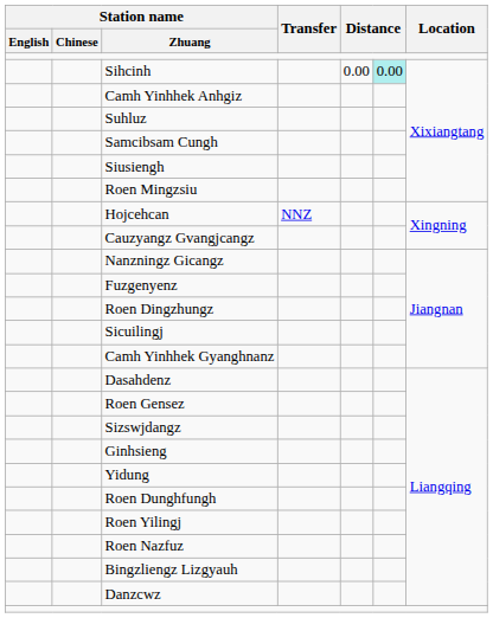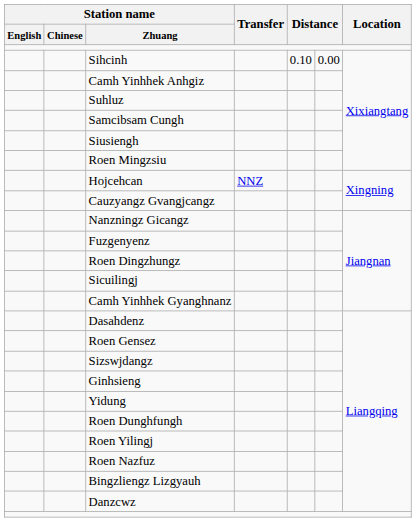 <table class="wikitable">
 <tr>
 <th colspan=3>Station name</th>
 <th rowspan=2>Transfer</th>
 <th colspan="2" rowspan="2">Distance<br></th>
 <th rowspan=2>Location</th>
 </tr>
 <tr>
 <th><small>English</small></th>
 <th><small>Chinese</small></th>
 <th><small>Zhuang</small></th>
 </tr>
 <tr style="background:#">
 <td colspan = "7"></td>
 </tr>
 <tr>
 <td></td>
 <td></td>
 <td>Sihcinh</td>
 <td></td>
+<td>0.10</td>
 <td>0.00</td>
-<td style="background: paleturquoise;">0.00</td>
 <td rowspan="6"><a href='#'>Xixiangtang</a></td>
 </tr>
 <tr>
 <td></td>
 <td></td>
 <td>Camh Yinhhek Anhgiz</td>
 <td></td>
 <td></td>
 <td></td>
 </tr>
 <tr>
 <td></td>
 <td></td>
 <td>Suhluz</td>
 <td></td>
 <td></td>
 <td></td>
 </tr>
 <tr>
 <td></td>
 <td></td>
 <td>Samcibsam Cungh</td>
 <td></td>
 <td></td>
 <td></td>
 </tr>
 <tr>
 <td></td>
 <td></td>
 <td>Siusiengh</td>
 <td></td>
 <td></td>
 <td></td>
 </tr>
 <tr>
 <td></td>
 <td></td>
 <td>Roen Mingzsiu</td>
 <td></td>
 <td></td>
 <td></td>
 </tr>
 <tr>
 <td></td>
 <td></td>
 <td>Hojcehcan</td>
 <td>  <a href='#'>NNZ</a></td>
 <td></td>
 <td></td>
 <td rowspan="2"><a href='#'>Xingning</a></td>
 </tr>
 <tr>
 <td></td>
 <td></td>
 <td>Cauzyangz Gvangjcangz</td>
 <td></td>
 <td></td>
 <td></td>
 </tr>
 <tr>
 <td></td>
 <td></td>
 <td>Nanzningz Gicangz</td>
 <td></td>
 <td></td>
 <td></td>
 <td rowspan="5"><a href='#'>Jiangnan</a></td>
 </tr>
 <tr>
 <td></td>
 <td></td>
 <td>Fuzgenyenz</td>
 <td></td>
 <td></td>
 <td></td>
 </tr>
 <tr>
 <td></td>
 <td></td>
 <td>Roen Dingzhungz</td>
 <td></td>
 <td></td>
 <td></td>
 </tr>
 <tr>
 <td></td>
 <td></td>
 <td>Sicuilingj</td>
 <td></td>
 <td></td>
 <td></td>
 </tr>
 <tr>
 <td></td>
 <td></td>
 <td>Camh Yinhhek Gyanghnanz</td>
 <td></td>
 <td></td>
 <td></td>
 </tr>
 <tr>
 <td></td>
 <td></td>
 <td>Dasahdenz</td>
 <td></td>
 <td></td>
 <td></td>
 <td rowspan="10"><a href='#'>Liangqing</a></td>
 </tr>
 <tr>
 <td></td>
 <td></td>
 <td>Roen Gensez</td>
 <td></td>
 <td></td>
 <td></td>
 </tr>
 <tr>
 <td></td>
 <td></td>
 <td>Sizswjdangz</td>
 <td></td>
 <td></td>
 <td></td>
 </tr>
 <tr>
 <td></td>
 <td></td>
 <td>Ginhsieng</td>
 <td></td>
 <td></td>
 <td></td>
 </tr>
 <tr>
 <td></td>
 <td></td>
 <td>Yidung</td>
 <td></td>
 <td></td>
 <td></td>
 </tr>
 <tr>
 <td></td>
 <td></td>
 <td>Roen Dunghfungh</td>
 <td></td>
 <td></td>
 <td></td>
 </tr>
 <tr>
 <td></td>
 <td></td>
 <td>Roen Yilingj</td>
 <td></td>
 <td></td>
 <td></td>
 </tr>
 <tr>
 <td></td>
 <td></td>
 <td>Roen Nazfuz</td>
 <td></td>
 <td></td>
 <td></td>
 </tr>
 <tr>
 <td></td>
 <td></td>
 <td>Bingzliengz Lizgyauh</td>
 <td></td>
 <td></td>
 <td></td>
 </tr>
 <tr>
 <td></td>
 <td></td>
 <td>Danzcwz</td>
 <td></td>
 <td></td>
 <td></td>
 </tr>
 <tr style="background:#">
 <td colspan = "7"></td>
 </tr>
 </table>
